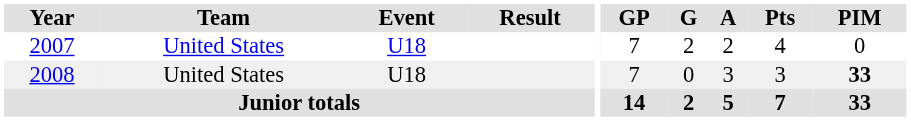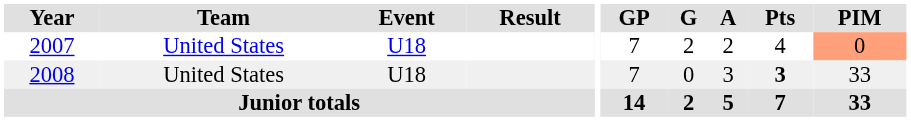 <table border="0" cellpadding="1" cellspacing="0" ID="Table3" style="text-align:center; width:40em">
 <tr bgcolor="#e0e0e0">
 <th>Year</th>
 <th>Team</th>
 <th>Event</th>
 <th>Result</th>
 <th rowspan="99" bgcolor="#ffffff"></th>
 <th>GP</th>
 <th>G</th>
 <th>A</th>
 <th>Pts</th>
 <th>PIM</th>
 </tr>
 <tr>
 <td><a href='#'>2007</a></td>
 <td><a href='#'>United States</a></td>
 <td><a href='#'>U18</a></td>
 <td></td>
 <td>7</td>
 <td>2</td>
 <td>2</td>
 <td>4</td>
-<td>0</td>
+<td style="background: lightsalmon;">0</td>
 </tr>
 <tr bgcolor="#f0f0f0">
 <td><a href='#'>2008</a></td>
 <td>United States</td>
 <td>U18</td>
 <td></td>
 <td>7</td>
 <td>0</td>
 <td>3</td>
-<td>3</td>
-<td><strong>33</strong></td>
+<td><strong>3</strong></td>
+<td>33</td>
 </tr>
 <tr bgcolor="#e0e0e0">
 <th colspan="4">Junior totals</th>
 <th>14</th>
 <th>2</th>
 <th>5</th>
 <th>7</th>
 <th>33</th>
 </tr>
 </table>
